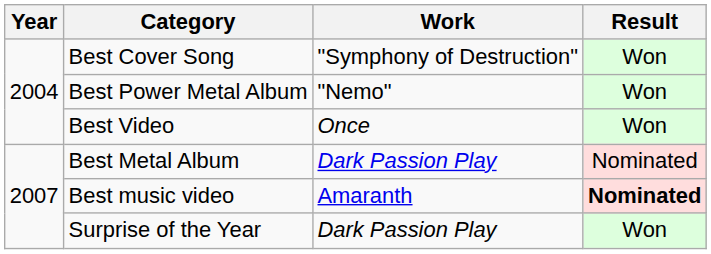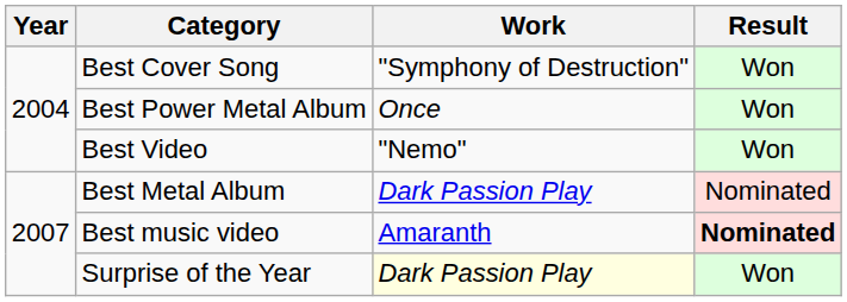 <table class="wikitable">
 <tr>
 <th>Year</th>
 <th>Category</th>
 <th>Work</th>
 <th>Result</th>
 </tr>
 <tr>
 <td rowspan="3">2004</td>
 <td>Best Cover Song</td>
 <td>"Symphony of Destruction"</td>
 <td style="background: #ddffdd" align="center" class="table-yes2">Won</td>
 </tr>
 <tr>
 <td>Best Power Metal Album</td>
-<td>"Nemo"</td>
+<td><em>Once</em></td>
 <td style="background: #ddffdd" align="center" class="table-yes2">Won</td>
 </tr>
 <tr>
 <td>Best Video</td>
-<td><em>Once</em></td>
+<td>"Nemo"</td>
 <td style="background: #ddffdd" align="center" class="table-yes2">Won </td>
 </tr>
 <tr>
 <td rowspan="3">2007</td>
 <td>Best Metal Album</td>
 <td><em><a href='#'>Dark Passion Play</a></em></td>
 <td style="background: #ffdddd" align="center" class="table-yes2">Nominated</td>
 </tr>
 <tr>
 <td>Best music video</td>
 <td><a href='#'>Amaranth</a></td>
 <td style="background: #ffdddd" align="center" class="table-yes2"><strong>Nominated</strong></td>
 </tr>
 <tr>
 <td>Surprise of the Year</td>
-<td><em>Dark Passion Play</em></td>
+<td style="background: lightyellow;"><em>Dark Passion Play</em></td>
 <td style="background: #ddffdd" align="center" class="table-yes2">Won </td>
 </tr>
 </table>
